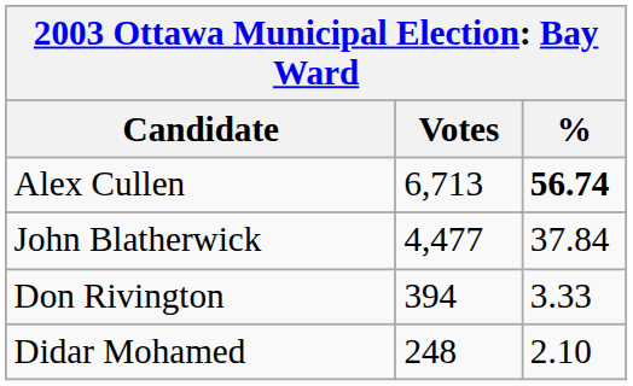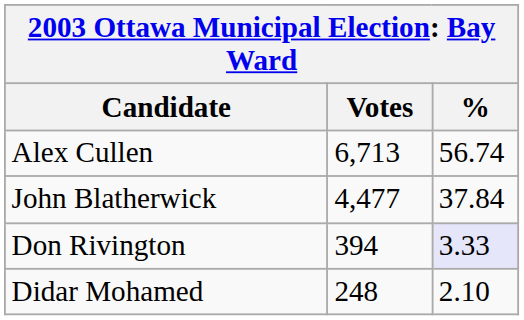 <table class="wikitable">
 <tr>
 <th colspan="3"><a href='#'>2003 Ottawa Municipal Election</a>: <a href='#'>Bay Ward</a></th>
 </tr>
 <tr>
 <th style="width: 170px">Candidate</th>
 <th style="width: 50px">Votes</th>
 <th style="width: 40px">%</th>
 </tr>
 <tr>
 <td>Alex Cullen</td>
 <td>6,713</td>
-<td><strong>56.74</strong></td>
+<td>56.74</td>
 </tr>
 <tr>
 <td>John Blatherwick</td>
 <td>4,477</td>
 <td>37.84</td>
 </tr>
 <tr>
 <td>Don Rivington</td>
 <td>394</td>
-<td>3.33</td>
+<td style="background: lavender;">3.33</td>
 </tr>
 <tr>
 <td>Didar Mohamed</td>
 <td>248</td>
 <td>2.10</td>
 </tr>
 </table>
